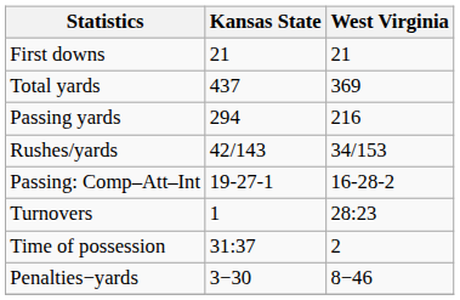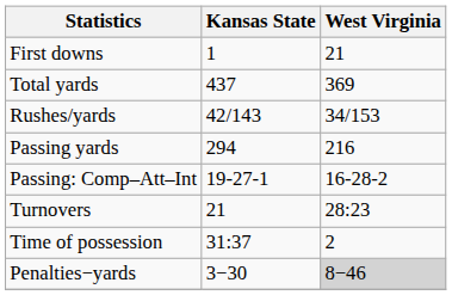 <table class="wikitable" style="float: left;">
 <tr>
 <th>Statistics</th>
 <th>Kansas State</th>
 <th>West Virginia</th>
 </tr>
 <tr>
 <td>First downs</td>
-<td>21</td>
+<td>1</td>
 <td>21</td>
 </tr>
 <tr>
 <td>Total yards</td>
 <td>437</td>
 <td>369</td>
 </tr>
 <tr>
+<td>Rushes/yards</td>
+<td>42/143</td>
+<td>34/153</td>
+</tr>
+<tr>
 <td>Passing yards</td>
 <td>294</td>
 <td>216</td>
-</tr>
-<tr>
-<td>Rushes/yards</td>
-<td>42/143</td>
-<td>34/153</td>
 </tr>
 <tr>
 <td>Passing: Comp–Att–Int</td>
 <td>19-27-1</td>
 <td>16-28-2</td>
 </tr>
 <tr>
 <td>Turnovers</td>
-<td>1</td>
+<td>21</td>
 <td>28:23</td>
 </tr>
 <tr>
 <td>Time of possession</td>
 <td>31:37</td>
 <td>2</td>
 </tr>
 <tr>
 <td>Penalties−yards</td>
 <td>3−30</td>
-<td>8−46</td>
+<td style="background: lightgrey;">8−46</td>
 </tr>
 <tr>
 </tr>
 </table>
